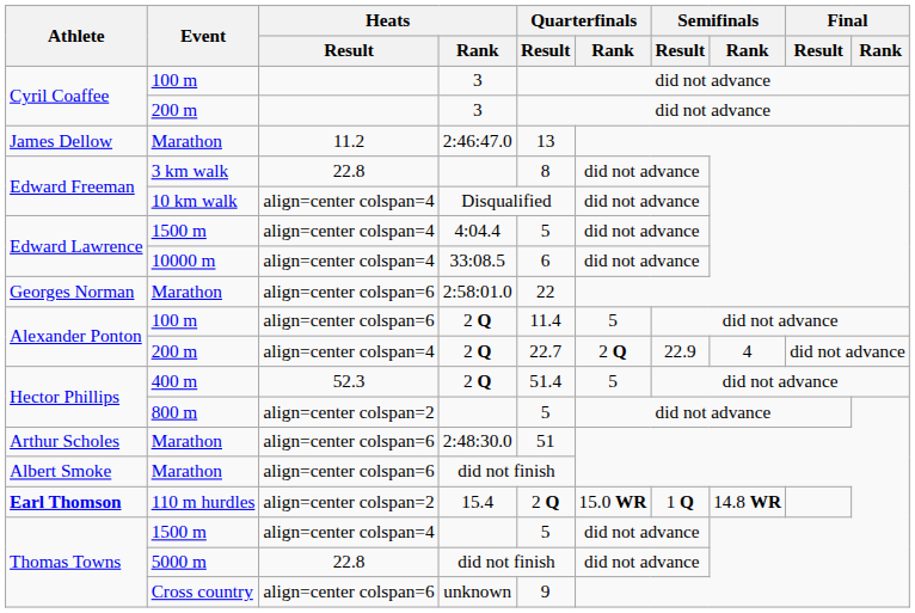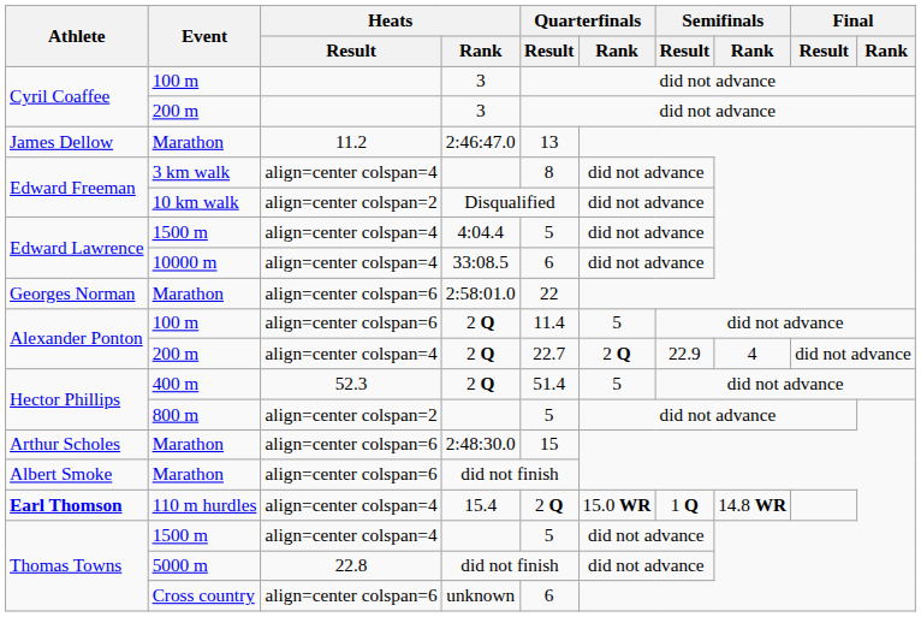 <table class=wikitable style="font-size:90%">
 <tr>
 <th rowspan=2>Athlete</th>
 <th rowspan=2>Event</th>
 <th colspan=2>Heats</th>
 <th colspan=2>Quarterfinals</th>
 <th colspan=2>Semifinals</th>
 <th colspan=2>Final</th>
 </tr>
 <tr>
 <th>Result</th>
 <th>Rank</th>
 <th>Result</th>
 <th>Rank</th>
 <th>Result</th>
 <th>Rank</th>
 <th>Result</th>
 <th>Rank</th>
 </tr>
 <tr>
 <td rowspan=2><a href='#'>Cyril Coaffee</a></td>
 <td><a href='#'>100 m</a></td>
 <td align=center></td>
 <td align=center>3</td>
 <td align=center colspan=6>did not advance</td>
 </tr>
 <tr>
 <td><a href='#'>200 m</a></td>
 <td align=center></td>
 <td align=center>3</td>
 <td align=center colspan=6>did not advance</td>
 </tr>
 <tr>
 <td><a href='#'>James Dellow</a></td>
 <td><a href='#'>Marathon</a></td>
 <td align=center>11.2</td>
 <td align=center>2:46:47.0</td>
 <td align=center>13</td>
 </tr>
 <tr>
 <td rowspan=2><a href='#'>Edward Freeman</a></td>
 <td><a href='#'>3 km walk</a></td>
-<td align=center>22.8</td>
+<td>align=center colspan=4 </td>
 <td align=center></td>
 <td align=center>8</td>
 <td align=center colspan=2>did not advance</td>
 </tr>
 <tr>
 <td><a href='#'>10 km walk</a></td>
-<td>align=center colspan=4 </td>
+<td>align=center colspan=2 </td>
 <td align=center colspan=2>Disqualified</td>
 <td align=center colspan=2>did not advance</td>
 </tr>
 <tr>
 <td rowspan=2><a href='#'>Edward Lawrence</a></td>
 <td><a href='#'>1500 m</a></td>
 <td>align=center colspan=4 </td>
 <td align=center>4:04.4</td>
 <td align=center>5</td>
 <td align=center colspan=2>did not advance</td>
 </tr>
 <tr>
 <td><a href='#'>10000 m</a></td>
 <td>align=center colspan=4 </td>
 <td align=center>33:08.5</td>
 <td align=center>6</td>
 <td align=center colspan=2>did not advance</td>
 </tr>
 <tr>
 <td><a href='#'>Georges Norman</a></td>
 <td><a href='#'>Marathon</a></td>
 <td>align=center colspan=6 </td>
 <td align=center>2:58:01.0</td>
 <td align=center>22</td>
 </tr>
 <tr>
 <td rowspan=2><a href='#'>Alexander Ponton</a></td>
 <td><a href='#'>100 m</a></td>
 <td>align=center colspan=6 </td>
 <td align=center>2 <strong>Q</strong></td>
 <td align=center>11.4</td>
 <td align=center>5</td>
 <td align=center colspan=4>did not advance</td>
 </tr>
 <tr>
 <td><a href='#'>200 m</a></td>
 <td>align=center colspan=4 </td>
 <td align=center>2 <strong>Q</strong></td>
 <td align=center>22.7</td>
 <td align=center>2 <strong>Q</strong></td>
 <td align=center>22.9</td>
 <td align=center>4</td>
 <td align=center colspan=2>did not advance</td>
 </tr>
 <tr>
 <td rowspan=2><a href='#'>Hector Phillips</a></td>
 <td><a href='#'>400 m</a></td>
 <td align=center>52.3</td>
 <td align=center>2 <strong>Q</strong></td>
 <td align=center>51.4</td>
 <td align=center>5</td>
 <td align=center colspan=4>did not advance</td>
 </tr>
 <tr>
 <td><a href='#'>800 m</a></td>
 <td>align=center colspan=2 </td>
 <td align=center></td>
 <td align=center>5</td>
 <td align=center colspan=4>did not advance</td>
 </tr>
 <tr>
 <td><a href='#'>Arthur Scholes</a></td>
 <td><a href='#'>Marathon</a></td>
 <td>align=center colspan=6 </td>
 <td align=center>2:48:30.0</td>
-<td align=center>51</td>
+<td align=center>15</td>
 </tr>
 <tr>
 <td><a href='#'>Albert Smoke</a></td>
 <td><a href='#'>Marathon</a></td>
 <td>align=center colspan=6 </td>
 <td align=center colspan=2>did not finish</td>
 </tr>
 <tr>
 <td><strong><a href='#'>Earl Thomson</a></strong></td>
 <td><a href='#'>110 m hurdles</a></td>
-<td>align=center colspan=2 </td>
+<td>align=center colspan=4 </td>
 <td align=center>15.4</td>
 <td align=center>2 <strong>Q</strong></td>
 <td align=center>15.0 <strong>WR</strong></td>
 <td align=center>1 <strong>Q</strong></td>
 <td align=center>14.8 <strong>WR</strong></td>
 <td align=center></td>
 </tr>
 <tr>
 <td rowspan=3><a href='#'>Thomas Towns</a></td>
 <td><a href='#'>1500 m</a></td>
 <td>align=center colspan=4 </td>
 <td align=center></td>
 <td align=center>5</td>
 <td align=center colspan=2>did not advance</td>
 </tr>
 <tr>
 <td><a href='#'>5000 m</a></td>
 <td align=center>22.8</td>
 <td align=center colspan=2>did not finish</td>
 <td align=center colspan=2>did not advance</td>
 </tr>
 <tr>
 <td><a href='#'>Cross country</a></td>
 <td>align=center colspan=6 </td>
 <td align=center>unknown</td>
-<td align=center>9</td>
+<td align=center>6</td>
 </tr>
 </table>
